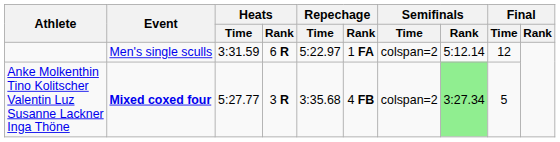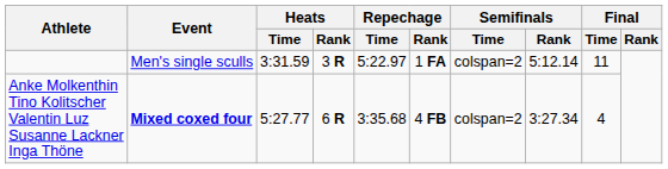 <table class="wikitable" style="font-size:90%">
 <tr>
 <th rowspan="2">Athlete</th>
 <th rowspan="2">Event</th>
 <th colspan="2">Heats</th>
 <th colspan="2">Repechage</th>
 <th colspan="2">Semifinals</th>
 <th colspan="2">Final</th>
 </tr>
 <tr style="font-size:95%">
 <th>Time</th>
 <th>Rank</th>
 <th>Time</th>
 <th>Rank</th>
 <th>Time</th>
 <th>Rank</th>
 <th>Time</th>
 <th>Rank</th>
 </tr>
 <tr align=center>
 <td align=left></td>
 <td align=left><a href='#'>Men's single sculls</a></td>
 <td>3:31.59</td>
-<td>6 <strong>R</strong></td>
+<td>3 <strong>R</strong></td>
 <td>5:22.97</td>
 <td>1 <strong>FA</strong></td>
 <td>colspan=2 </td>
 <td>5:12.14</td>
-<td>12</td>
+<td>11</td>
 </tr>
 <tr align=center>
 <td align=left><a href='#'>Anke Molkenthin</a><br><a href='#'>Tino Kolitscher</a><br><a href='#'>Valentin Luz</a><br><a href='#'>Susanne Lackner</a><br><a href='#'>Inga Thöne</a></td>
 <td align=left><strong><a href='#'>Mixed coxed four</a></strong></td>
 <td>5:27.77</td>
-<td>3 <strong>R</strong></td>
+<td>6 <strong>R</strong></td>
 <td>3:35.68</td>
 <td>4 <strong>FB</strong></td>
 <td>colspan=2 </td>
-<td style="background: lightgreen;">3:27.34</td>
-<td>5</td>
+<td>3:27.34</td>
+<td>4</td>
 </tr>
 </table>
